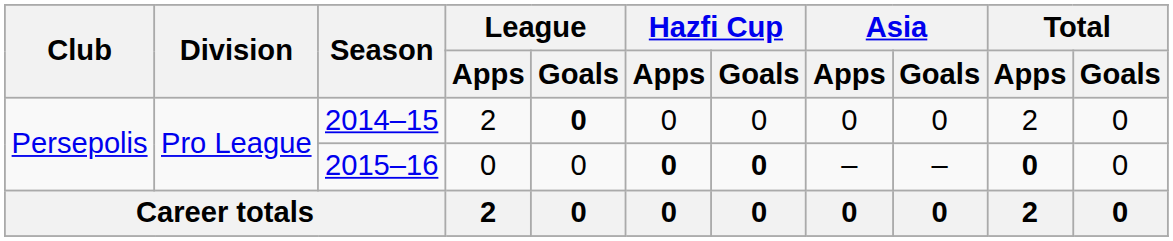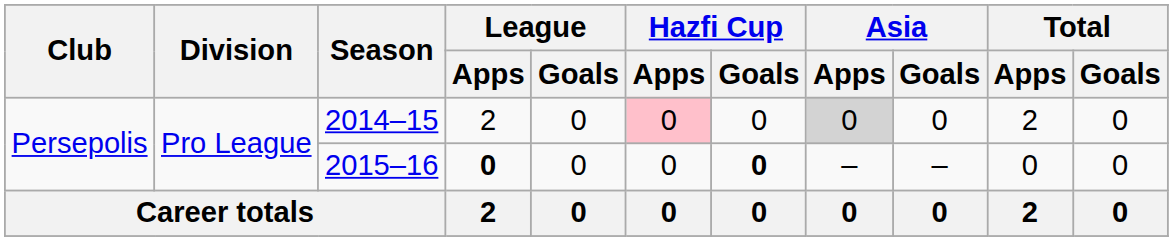 <table class="wikitable" style="text-align: center;">
 <tr>
 <th rowspan="2">Club</th>
 <th rowspan="2">Division</th>
 <th rowspan="2">Season</th>
 <th colspan="2">League</th>
 <th colspan="2"><a href='#'>Hazfi Cup</a></th>
 <th colspan="2"><a href='#'>Asia</a></th>
 <th colspan="2">Total</th>
 </tr>
 <tr>
 <th>Apps</th>
 <th>Goals</th>
 <th>Apps</th>
 <th>Goals</th>
 <th>Apps</th>
 <th>Goals</th>
 <th>Apps</th>
 <th>Goals</th>
 </tr>
 <tr>
 <td rowspan="2"><a href='#'>Persepolis</a></td>
 <td rowspan="2"><a href='#'>Pro League</a></td>
 <td><a href='#'>2014–15</a></td>
 <td>2</td>
-<td><strong>0</strong></td>
 <td>0</td>
+<td style="background: pink;">0</td>
 <td>0</td>
-<td>0</td>
+<td style="background: lightgrey;">0</td>
 <td>0</td>
 <td>2</td>
 <td>0</td>
 </tr>
 <tr>
 <td><a href='#'>2015–16</a></td>
+<td><strong>0</strong></td>
 <td>0</td>
 <td>0</td>
 <td><strong>0</strong></td>
-<td><strong>0</strong></td>
 <td>–</td>
 <td>–</td>
-<td><strong>0</strong></td>
+<td>0</td>
 <td>0</td>
 </tr>
 <tr>
 <th colspan=3>Career totals</th>
 <th>2</th>
 <th>0</th>
 <th>0</th>
 <th>0</th>
 <th>0</th>
 <th>0</th>
 <th>2</th>
 <th>0</th>
 </tr>
 </table>
